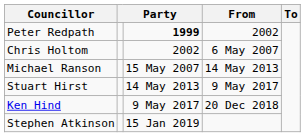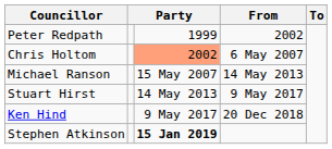 <table class=wikitable>
 <tr>
 <th>Councillor</th>
 <th colspan=2>Party</th>
 <th>From</th>
 <th>To</th>
 </tr>
 <tr>
 <td>Peter Redpath</td>
 <td></td>
-<td align=right><strong>1999</strong></td>
+<td align=right>1999</td>
 <td align=right>2002</td>
 </tr>
 <tr>
 <td>Chris Holtom</td>
 <td></td>
-<td align=right>2002</td>
+<td align=right style="background: lightsalmon;">2002</td>
 <td align=right>6 May 2007</td>
 </tr>
 <tr>
 <td>Michael Ranson</td>
 <td></td>
 <td align=right>15 May 2007</td>
 <td align=right>14 May 2013</td>
 </tr>
 <tr>
 <td>Stuart Hirst</td>
 <td></td>
 <td align=right>14 May 2013</td>
 <td align=right>9 May 2017</td>
 </tr>
 <tr>
 <td><a href='#'>Ken Hind</a></td>
 <td></td>
 <td align=right>9 May 2017</td>
 <td align=right>20 Dec 2018</td>
 </tr>
 <tr>
 <td>Stephen Atkinson</td>
 <td></td>
-<td align=right>15 Jan 2019</td>
+<td align=right><strong>15 Jan 2019</strong></td>
 <td align=right></td>
 </tr>
 </table>
